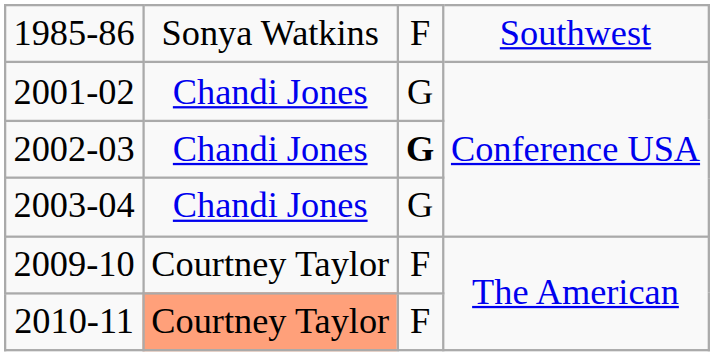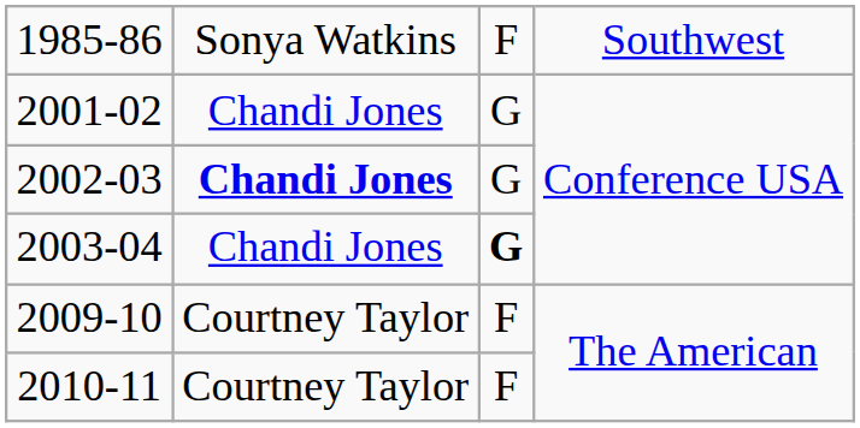 <table class="wikitable" style="text-align:center">
 <tr>
 <td>1985-86</td>
 <td>Sonya Watkins</td>
 <td>F</td>
 <td><a href='#'>Southwest</a></td>
 </tr>
 <tr>
 <td>2001-02</td>
 <td><a href='#'>Chandi Jones</a></td>
 <td>G</td>
 <td rowspan=3><a href='#'>Conference USA</a></td>
 </tr>
 <tr>
 <td>2002-03</td>
-<td><a href='#'>Chandi Jones</a></td>
-<td><strong>G</strong></td>
+<td><strong><a href='#'>Chandi Jones</a></strong></td>
+<td>G</td>
 </tr>
 <tr>
 <td>2003-04</td>
 <td><a href='#'>Chandi Jones</a></td>
-<td>G</td>
+<td><strong>G</strong></td>
 </tr>
 <tr>
 <td>2009-10</td>
 <td>Courtney Taylor</td>
 <td>F</td>
 <td rowspan=2><a href='#'>The American</a></td>
 </tr>
 <tr>
 <td>2010-11</td>
-<td style="background: lightsalmon;">Courtney Taylor</td>
+<td>Courtney Taylor</td>
 <td>F</td>
 </tr>
 </table>
